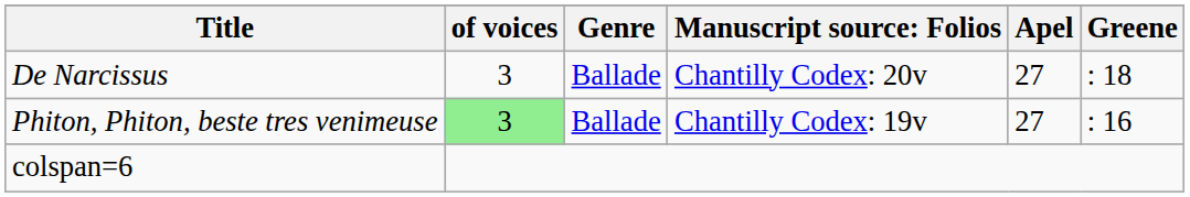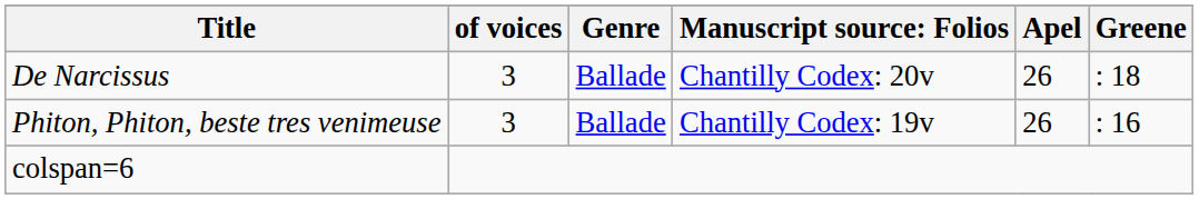 <table class = "wikitable sortable plainrowheaders">
 <tr>
 </tr>
 <tr>
 <th scope="col">Title</th>
 <th scope="col"> of voices</th>
 <th scope="col">Genre</th>
 <th scope="col">Manuscript source: Folios</th>
 <th scope="col">Apel</th>
 <th scope="col">Greene</th>
 </tr>
 <tr>
 <td><em>De Narcissus</em></td>
 <td style="text-align: center;">3</td>
 <td><a href='#'>Ballade</a></td>
 <td><a href='#'>Chantilly Codex</a>: 20v</td>
-<td> 27</td>
+<td> 26</td>
 <td>: 18</td>
 </tr>
 <tr>
 <td><em>Phiton, Phiton, beste tres venimeuse</em></td>
-<td style="background: lightgreen; text-align: center;">3</td>
+<td style="text-align: center;">3</td>
 <td><a href='#'>Ballade</a></td>
 <td><a href='#'>Chantilly Codex</a>: 19v</td>
-<td> 27</td>
+<td> 26</td>
 <td>: 16</td>
 </tr>
 <tr>
 <td>colspan=6 </td>
 </tr>
 </table>
